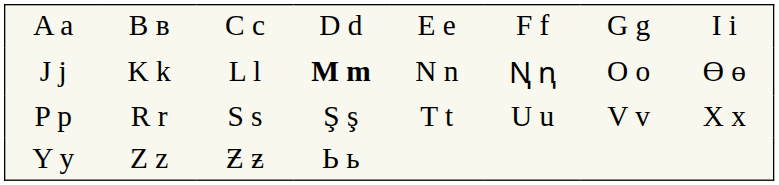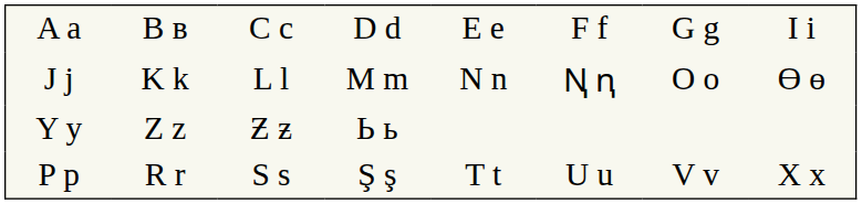 <table style="font-family:Arial Unicode MS; font-size:1.4em; border-color:#000000; border-width:1px; border-style:solid; border-collapse:collapse; background-color:#F8F8EF">
 <tr>
 <td style="width:3em; text-align:center; padding: 3px;">A a</td>
 <td style="width:3em; text-align:center; padding: 3px;">B ʙ</td>
 <td style="width:3em; text-align:center; padding: 3px;">C c</td>
 <td style="width:3em; text-align:center; padding: 3px;">D d</td>
 <td style="width:3em; text-align:center; padding: 3px;">E e</td>
 <td style="width:3em; text-align:center; padding: 3px;">F f</td>
 <td style="width:3em; text-align:center; padding: 3px;">G g</td>
 <td style="width:3em; text-align:center; padding: 3px;">I i</td>
 </tr>
 <tr>
 <td style="width:3em; text-align:center; padding: 3px;">J j</td>
 <td style="width:3em; text-align:center; padding: 3px;">K k</td>
 <td style="width:3em; text-align:center; padding: 3px;">L l</td>
-<td style="width:3em; text-align:center; padding: 3px;"><strong>M m</strong></td>
+<td style="width:3em; text-align:center; padding: 3px;">M m</td>
 <td style="width:3em; text-align:center; padding: 3px;">N n</td>
 <td style="width:3em; text-align:center; padding: 3px;">Ꞑ ꞑ</td>
 <td style="width:3em; text-align:center; padding: 3px;">O o</td>
 <td style="width:3em; text-align:center; padding: 3px;">Ɵ ɵ</td>
+</tr>
+<tr>
+<td style="width:3em; text-align:center; padding: 3px;">Y y</td>
+<td style="width:3em; text-align:center; padding: 3px;">Z z</td>
+<td style="width:3em; text-align:center; padding: 3px;">Ƶ ƶ</td>
+<td style="width:3em; text-align:center; padding: 3px;">Ь ь</td>
+<td></td>
+<td></td>
+<td></td>
+<td></td>
 </tr>
 <tr>
 <td style="width:3em; text-align:center; padding: 3px;">P p</td>
 <td style="width:3em; text-align:center; padding: 3px;">R r</td>
 <td style="width:3em; text-align:center; padding: 3px;">S s</td>
 <td style="width:3em; text-align:center; padding: 3px;">Ş ş</td>
 <td style="width:3em; text-align:center; padding: 3px;">T t</td>
 <td style="width:3em; text-align:center; padding: 3px;">U u</td>
 <td style="width:3em; text-align:center; padding: 3px;">V v</td>
 <td style="width:3em; text-align:center; padding: 3px;">X x</td>
 </tr>
-<tr>
-<td style="width:3em; text-align:center; padding: 3px;">Y y</td>
-<td style="width:3em; text-align:center; padding: 3px;">Z z</td>
-<td style="width:3em; text-align:center; padding: 3px;">Ƶ ƶ</td>
-<td style="width:3em; text-align:center; padding: 3px;">Ь ь</td>
-<td></td>
-<td></td>
-<td></td>
-<td></td>
-</tr>
 </table>
